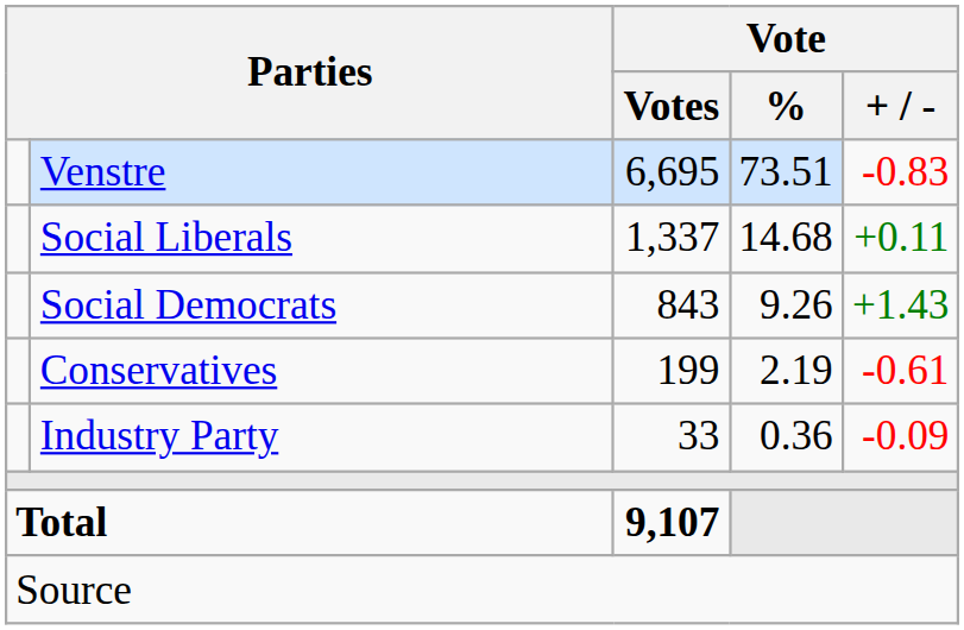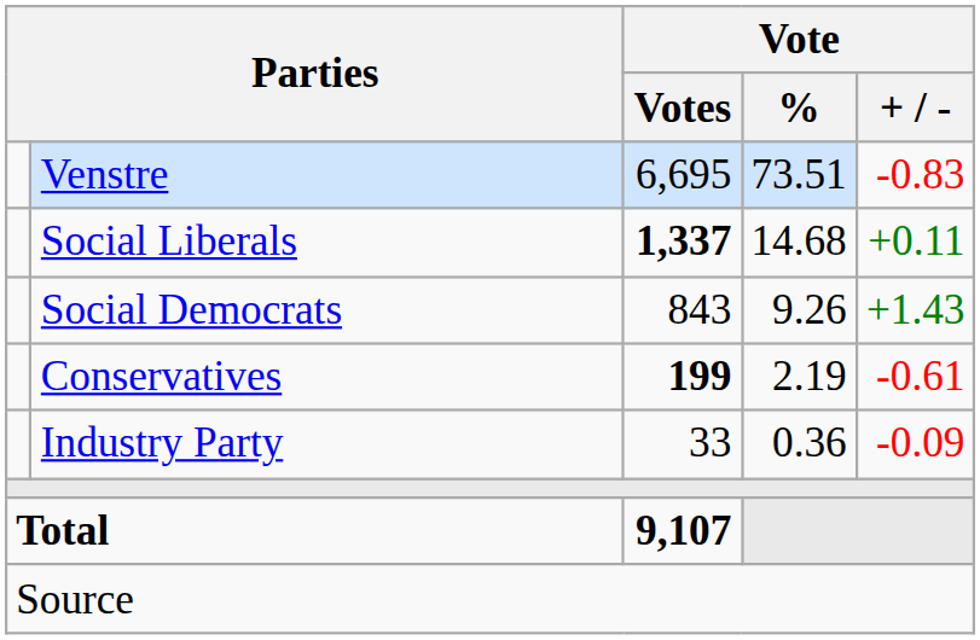 <table class="wikitable" style="text-align:right;">
 <tr>
 <th style="text-align:centre;" rowspan="2" colspan="2" width="225">Parties</th>
 <th colspan="3">Vote</th>
 </tr>
 <tr>
 <th width="15">Votes</th>
 <th width="15">%</th>
 <th width="15">+ / -</th>
 </tr>
 <tr>
 <td width="2" style="color:inherit;background:"></td>
 <td bgcolor=#cfe5fe  align="left"><a href='#'>Venstre</a></td>
 <td bgcolor=#cfe5fe>6,695</td>
 <td bgcolor=#cfe5fe>73.51</td>
 <td style=color:red;>-0.83</td>
 </tr>
 <tr>
 <td width="2" style="color:inherit;background:"></td>
 <td align="left"><a href='#'>Social Liberals</a></td>
-<td>1,337</td>
+<td><strong>1,337</strong></td>
 <td>14.68</td>
 <td style=color:green;>+0.11</td>
 </tr>
 <tr>
 <td width="2" style="color:inherit;background:"></td>
 <td align="left"><a href='#'>Social Democrats</a></td>
 <td>843</td>
 <td>9.26</td>
 <td style=color:green;>+1.43</td>
 </tr>
 <tr>
 <td width="2" style="color:inherit;background:"></td>
 <td align="left"><a href='#'>Conservatives</a></td>
-<td>199</td>
+<td><strong>199</strong></td>
 <td>2.19</td>
 <td style=color:red;>-0.61</td>
 </tr>
 <tr>
 <td width="2" style="color:inherit;background:"></td>
 <td align="left"><a href='#'>Industry Party</a></td>
 <td>33</td>
 <td>0.36</td>
 <td style=color:red;>-0.09</td>
 </tr>
 <tr>
 <td colspan="7" bgcolor="#E9E9E9"></td>
 </tr>
 <tr>
 <td align="left" colspan="2"><strong>Total</strong></td>
 <td><strong>9,107</strong></td>
 <td bgcolor="#E9E9E9" colspan="2"></td>
 </tr>
 <tr>
 <td align="left" colspan="6">Source</td>
 </tr>
 </table>
